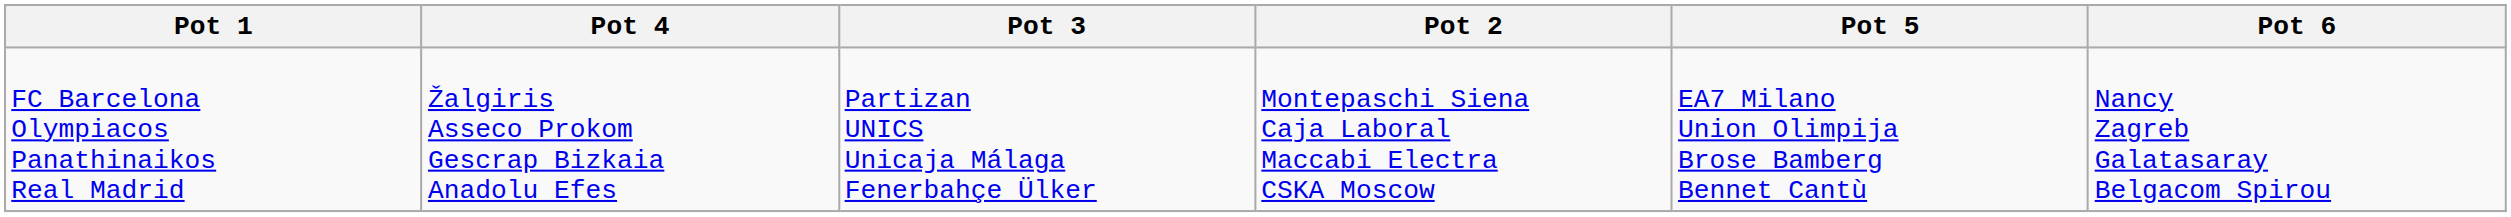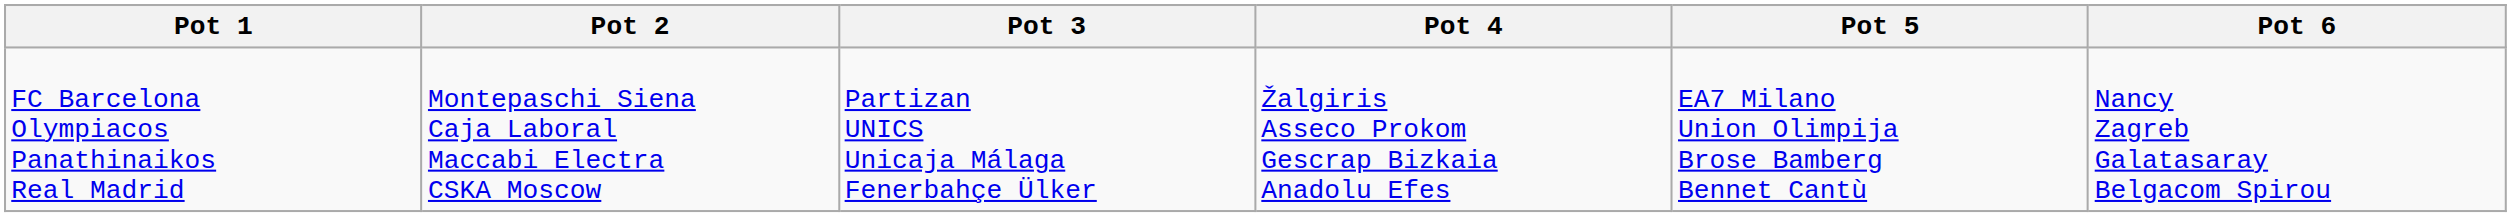 <table class="wikitable" style="width:98%">
 <tr>
 <th width=16%><strong>Pot 1</strong></th>
+<th width=16%><strong>Pot 2</strong></th>
+<th width=16%><strong>Pot 3</strong></th>
 <th width=16%><strong>Pot 4</strong></th>
-<th width=16%><strong>Pot 3</strong></th>
-<th width=16%><strong>Pot 2</strong></th>
 <th width=16%><strong>Pot 5</strong></th>
 <th width=16%><strong>Pot 6</strong></th>
 </tr>
 <tr>
 <td><br> <a href='#'>FC Barcelona</a> <br>  <a href='#'>Olympiacos</a><br>  <a href='#'>Panathinaikos</a><br>  <a href='#'>Real Madrid</a></td>
+<td><br> <a href='#'>Montepaschi Siena</a><br>  <a href='#'>Caja Laboral</a><br>  <a href='#'>Maccabi Electra</a><br>  <a href='#'>CSKA Moscow</a></td>
+<td><br> <a href='#'>Partizan</a><br>  <a href='#'>UNICS</a><br>  <a href='#'>Unicaja Málaga</a><br>  <a href='#'>Fenerbahçe Ülker</a></td>
 <td><br> <a href='#'>Žalgiris</a><br>  <a href='#'>Asseco Prokom</a> <br>  <a href='#'>Gescrap Bizkaia</a><br>  <a href='#'>Anadolu Efes</a></td>
-<td><br> <a href='#'>Partizan</a><br>  <a href='#'>UNICS</a><br>  <a href='#'>Unicaja Málaga</a><br>  <a href='#'>Fenerbahçe Ülker</a></td>
-<td><br> <a href='#'>Montepaschi Siena</a><br>  <a href='#'>Caja Laboral</a><br>  <a href='#'>Maccabi Electra</a><br>  <a href='#'>CSKA Moscow</a></td>
 <td><br> <a href='#'>EA7 Milano</a><br>  <a href='#'>Union Olimpija</a> <br>  <a href='#'>Brose Bamberg</a><br>  <a href='#'>Bennet Cantù</a></td>
 <td><br> <a href='#'>Nancy</a><br>  <a href='#'>Zagreb</a> <br>  <a href='#'>Galatasaray</a><br>  <a href='#'>Belgacom Spirou</a></td>
 </tr>
 </table>
